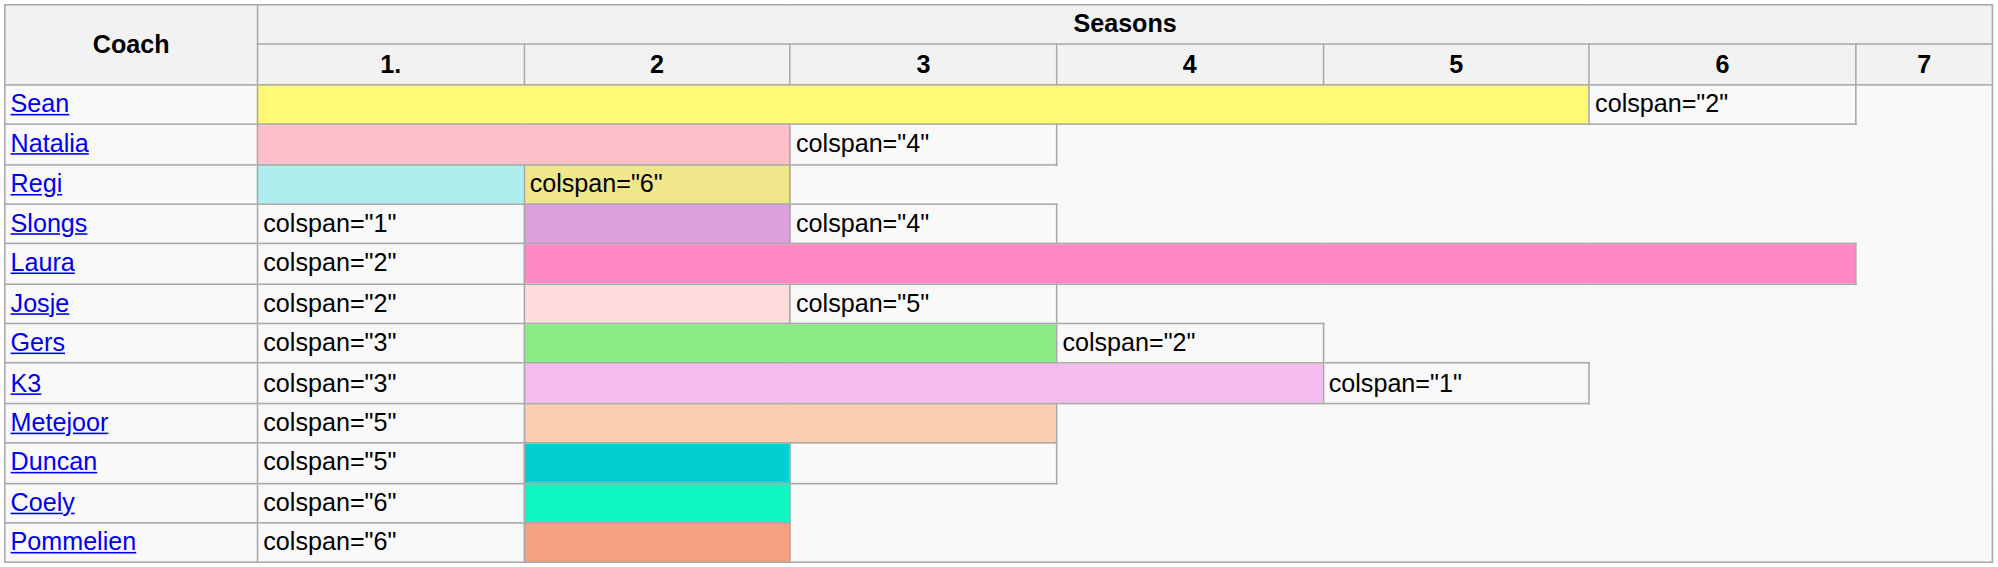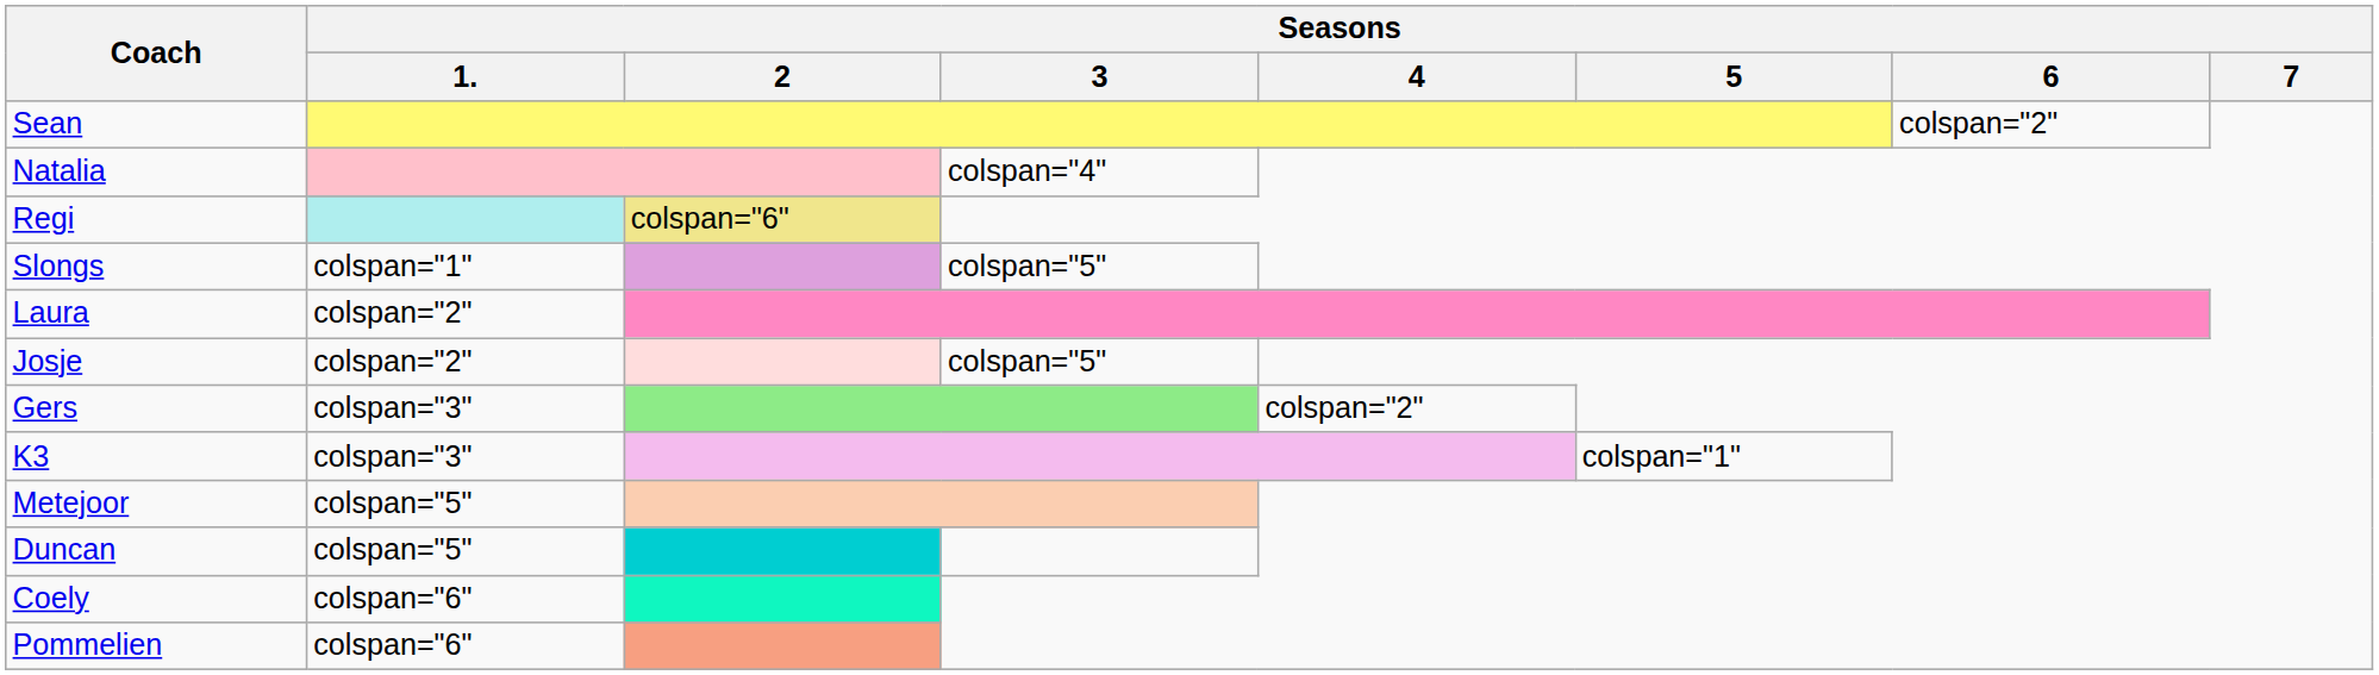 <table class="wikitable" width="80%">
 <tr>
 <th rowspan="2" width="40">Coach</th>
 <th colspan="7">Seasons</th>
 </tr>
 <tr>
 <th width="40">1.</th>
 <th width="40">2</th>
 <th width="40">3</th>
 <th width="40">4</th>
 <th width="40">5</th>
 <th width="40">6</th>
 <th width="40">7</th>
 </tr>
 <tr>
 <td><a href='#'>Sean</a></td>
 <td colspan="5" style="background:#fffa73"></td>
 <td>colspan="2" </td>
 </tr>
 <tr>
 <td><a href='#'>Natalia</a></td>
 <td colspan="2" style="background:pink"></td>
 <td>colspan="4" </td>
 </tr>
 <tr>
 <td><a href='#'>Regi</a></td>
 <td style="background:#afeeee"></td>
 <td style="background: khaki;">colspan="6" </td>
 </tr>
 <tr>
 <td><a href='#'>Slongs</a></td>
 <td>colspan="1" </td>
 <td colspan="1" style="background:#dda0dd"></td>
-<td>colspan="4" </td>
+<td>colspan="5" </td>
 </tr>
 <tr>
 <td><a href='#'>Laura</a></td>
 <td>colspan="2" </td>
 <td colspan="5" style="background:#FF87C3"></td>
 </tr>
 <tr>
 <td><a href='#'>Josje</a></td>
 <td>colspan="2" </td>
 <td colspan="1" style="background:#ffdddd"></td>
 <td>colspan="5" </td>
 </tr>
 <tr>
 <td><a href='#'>Gers</a></td>
 <td>colspan="3" </td>
 <td colspan="2" style="background:#8deb87"></td>
 <td>colspan="2" </td>
 </tr>
 <tr>
 <td><a href='#'>K3</a></td>
 <td>colspan="3" </td>
 <td colspan="3" style="background:#f4bbee"></td>
 <td>colspan="1" </td>
 </tr>
 <tr>
 <td><a href='#'>Metejoor</a></td>
 <td>colspan="5" </td>
 <td colspan="2" style="background:#fbceb1"></td>
 </tr>
 <tr>
 <td><a href='#'>Duncan</a></td>
 <td>colspan="5" </td>
 <td colspan="1" style="background:#00ced1"></td>
 <td></td>
 </tr>
 <tr>
 <td><a href='#'>Coely</a></td>
 <td>colspan="6" </td>
 <td colspan="1" style="background:#0ff7c0"></td>
 </tr>
 <tr>
 <td><a href='#'>Pommelien</a></td>
 <td>colspan="6" </td>
 <td colspan="1" style="background:#F79F81"></td>
 </tr>
 </table>
